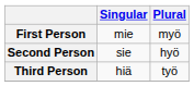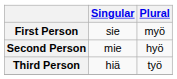 <table class="wikitable" style="text-align:center; display: inline-table;">
 <tr>
 <th></th>
 <th><a href='#'>Singular</a></th>
 <th><a href='#'>Plural</a></th>
 </tr>
 <tr>
 <th>First Person</th>
-<td>mie</td>
+<td>sie</td>
 <td>myö</td>
 </tr>
 <tr>
 <th>Second Person</th>
-<td>sie</td>
+<td>mie</td>
 <td>hyö</td>
 </tr>
 <tr>
 <th>Third Person</th>
 <td>hiä</td>
 <td>työ</td>
 </tr>
 <tr>
 </tr>
 </table>
